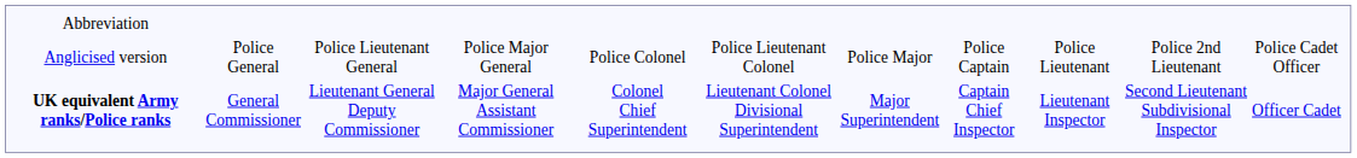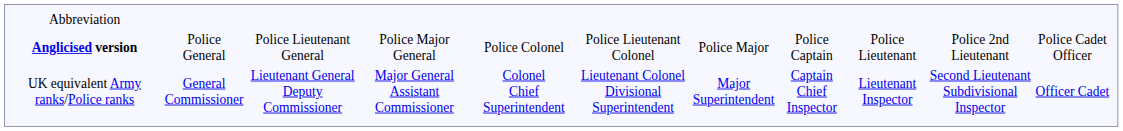 <table style="border:1px solid #8888aa; background-color:#f7f8ff; padding:5px; font-size:95%; margin: 0px 12px 12px 0px;">
 <tr align="center">
 <td>Abbreviation</td>
 <td colspan=2 rowspan=3></td>
 <td colspan=2><big></big></td>
 <td colspan=2><big></big></td>
 <td colspan=2><big></big></td>
 <td colspan=2></td>
 <td colspan=2><big></big></td>
 <td colspan=2><big></big></td>
 <td colspan=2><big></big></td>
 <td colspan=2><big></big></td>
 <td colspan=3><big></big></td>
 <td colspan=3><big></big></td>
 <td colspan=12><big></big></td>
 </tr>
 <tr align="center">
-<td><a href='#'>Anglicised</a> version</td>
+<td><strong><a href='#'>Anglicised</a> version</strong></td>
 <td colspan=2>Police General</td>
 <td colspan=2>Police Lieutenant General</td>
 <td colspan=2>Police Major General</td>
 <td colspan=2></td>
 <td colspan=2>Police Colonel</td>
 <td colspan=2>Police Lieutenant Colonel</td>
 <td colspan=2>Police Major</td>
 <td colspan=2>Police Captain</td>
 <td colspan=3>Police Lieutenant</td>
 <td colspan=3>Police 2nd Lieutenant</td>
 <td colspan=12>Police Cadet Officer</td>
 </tr>
 <tr align="center">
-<td><strong>UK equivalent <a href='#'>Army ranks</a>/<a href='#'>Police ranks</a></strong></td>
+<td>UK equivalent <a href='#'>Army ranks</a>/<a href='#'>Police ranks</a></td>
 <td colspan=2><a href='#'>General</a><br> <a href='#'>Commissioner</a></td>
 <td colspan=2><a href='#'>Lieutenant General</a><br> <a href='#'>Deputy Commissioner</a></td>
 <td colspan=2><a href='#'>Major General</a><br> <a href='#'>Assistant Commissioner</a></td>
 <td colspan=2></td>
 <td colspan=2><a href='#'>Colonel</a><br><a href='#'>Chief Superintendent</a></td>
 <td colspan=2><a href='#'>Lieutenant Colonel</a><br> <a href='#'>Divisional Superintendent</a></td>
 <td colspan=2><a href='#'>Major</a><br> <a href='#'>Superintendent</a></td>
 <td colspan=2><a href='#'>Captain</a><br> <a href='#'>Chief Inspector</a></td>
 <td colspan=3><a href='#'>Lieutenant</a><br> <a href='#'>Inspector</a></td>
 <td colspan=3><a href='#'>Second Lieutenant</a><br> <a href='#'>Subdivisional Inspector</a></td>
 <td colspan=12><a href='#'>Officer Cadet</a></td>
 </tr>
 <tr>
 <td colspan="4"></td>
 </tr>
 </table>
